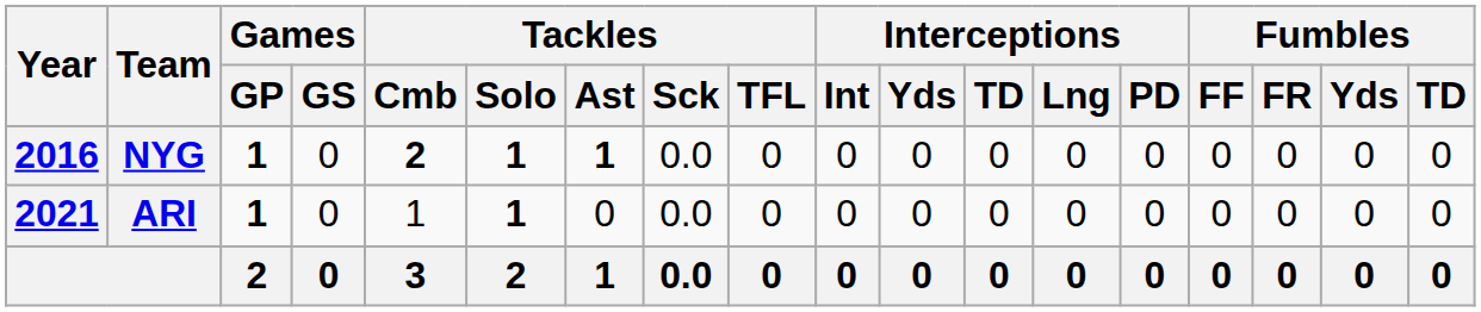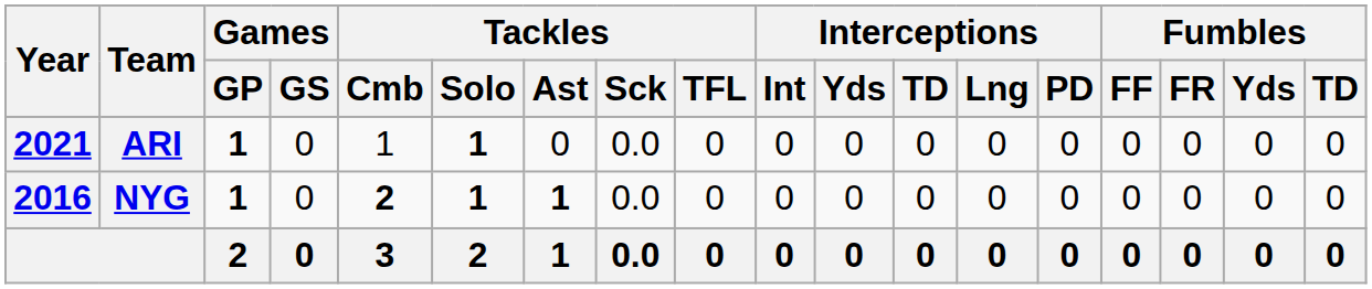 <table class="wikitable" style="text-align:center">
 <tr>
 <th rowspan="2">Year</th>
 <th rowspan="2">Team</th>
 <th colspan="2">Games</th>
 <th colspan="5">Tackles</th>
 <th colspan="5">Interceptions</th>
 <th colspan="4">Fumbles</th>
 </tr>
 <tr>
 <th>GP</th>
 <th>GS</th>
 <th>Cmb</th>
 <th>Solo</th>
 <th>Ast</th>
 <th>Sck</th>
 <th>TFL</th>
 <th>Int</th>
 <th>Yds</th>
 <th>TD</th>
 <th>Lng</th>
 <th>PD</th>
 <th>FF</th>
 <th>FR</th>
 <th>Yds</th>
 <th>TD</th>
 </tr>
 <tr>
-<th><a href='#'>2016</a></th>
-<th><a href='#'>NYG</a></th>
+<th><a href='#'>2021</a></th>
+<th><a href='#'>ARI</a></th>
 <td><strong>1</strong></td>
 <td>0</td>
-<td><strong>2</strong></td>
+<td>1</td>
 <td><strong>1</strong></td>
-<td><strong>1</strong></td>
+<td>0</td>
 <td>0.0</td>
 <td>0</td>
 <td>0</td>
 <td>0</td>
 <td>0</td>
 <td>0</td>
 <td>0</td>
 <td>0</td>
 <td>0</td>
 <td>0</td>
 <td>0</td>
 </tr>
 <tr>
-<th><a href='#'>2021</a></th>
-<th><a href='#'>ARI</a></th>
+<th><a href='#'>2016</a></th>
+<th><a href='#'>NYG</a></th>
 <td><strong>1</strong></td>
 <td>0</td>
-<td>1</td>
+<td><strong>2</strong></td>
 <td><strong>1</strong></td>
-<td>0</td>
+<td><strong>1</strong></td>
 <td>0.0</td>
 <td>0</td>
 <td>0</td>
 <td>0</td>
 <td>0</td>
 <td>0</td>
 <td>0</td>
 <td>0</td>
 <td>0</td>
 <td>0</td>
 <td>0</td>
 </tr>
 <tr>
 <th colspan="2"></th>
 <th>2</th>
 <th>0</th>
 <th>3</th>
 <th>2</th>
 <th>1</th>
 <th>0.0</th>
 <th>0</th>
 <th>0</th>
 <th>0</th>
 <th>0</th>
 <th>0</th>
 <th>0</th>
 <th>0</th>
 <th>0</th>
 <th>0</th>
 <th>0</th>
 </tr>
 </table>
